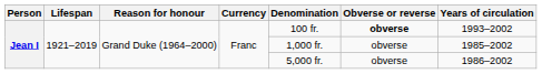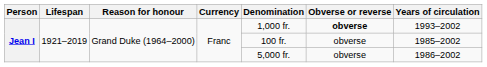 <table class="wikitable" style="font-size:95%; text-align:center;">
 <tr>
 <th>Person</th>
 <th>Lifespan</th>
 <th>Reason for honour</th>
 <th>Currency</th>
 <th>Denomination</th>
 <th>Obverse or reverse</th>
 <th>Years of circulation</th>
 </tr>
 <tr>
 <th rowspan="3"><a href='#'>Jean I</a></th>
 <td rowspan="3">1921–2019</td>
 <td rowspan="3">Grand Duke (1964–2000)</td>
 <td rowspan="3">Franc</td>
-<td>100 fr.</td>
+<td>1,000 fr.</td>
 <td><strong>obverse</strong></td>
 <td>1993–2002</td>
 </tr>
 <tr>
-<td>1,000 fr.</td>
+<td>100 fr.</td>
 <td>obverse</td>
 <td>1985–2002</td>
 </tr>
 <tr>
 <td>5,000 fr.</td>
 <td>obverse</td>
 <td>1986–2002</td>
 </tr>
 </table>
